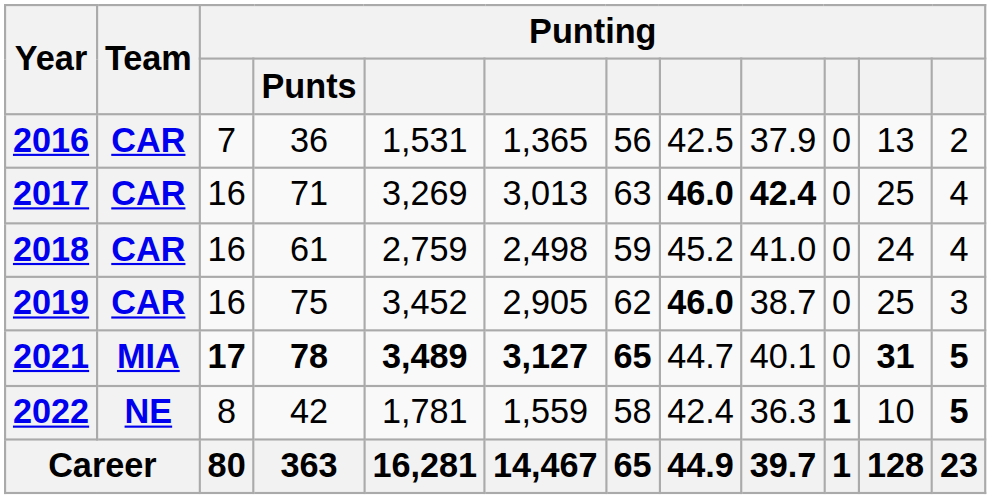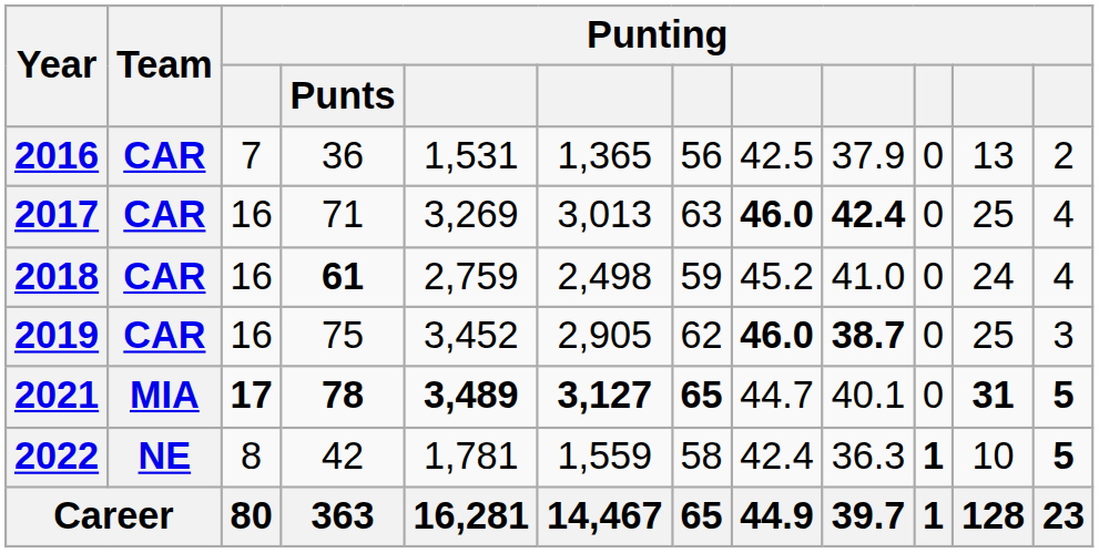 <table class=wikitable style="text-align:center;">
 <tr>
 <th rowspan="2">Year</th>
 <th rowspan="2">Team</th>
 <th colspan="10">Punting</th>
 </tr>
 <tr>
 <th></th>
 <th>Punts</th>
 <th></th>
 <th></th>
 <th></th>
 <th></th>
 <th></th>
 <th></th>
 <th></th>
 <th></th>
 </tr>
 <tr>
 <th><a href='#'>2016</a></th>
 <th><a href='#'>CAR</a></th>
 <td>7</td>
 <td>36</td>
 <td>1,531</td>
 <td>1,365</td>
 <td>56</td>
 <td>42.5</td>
 <td>37.9</td>
 <td>0</td>
 <td>13</td>
 <td>2</td>
 </tr>
 <tr>
 <th><a href='#'>2017</a></th>
 <th><a href='#'>CAR</a></th>
 <td>16</td>
 <td>71</td>
 <td>3,269</td>
 <td>3,013</td>
 <td>63</td>
 <td><strong>46.0</strong></td>
 <td><strong>42.4</strong></td>
 <td>0</td>
 <td>25</td>
 <td>4</td>
 </tr>
 <tr>
 <th><a href='#'>2018</a></th>
 <th><a href='#'>CAR</a></th>
 <td>16</td>
-<td>61</td>
+<td><strong>61</strong></td>
 <td>2,759</td>
 <td>2,498</td>
 <td>59</td>
 <td>45.2</td>
 <td>41.0</td>
 <td>0</td>
 <td>24</td>
 <td>4</td>
 </tr>
 <tr>
 <th><a href='#'>2019</a></th>
 <th><a href='#'>CAR</a></th>
 <td>16</td>
 <td>75</td>
 <td>3,452</td>
 <td>2,905</td>
 <td>62</td>
 <td><strong>46.0</strong></td>
-<td>38.7</td>
+<td><strong>38.7</strong></td>
 <td>0</td>
 <td>25</td>
 <td>3</td>
 </tr>
 <tr>
 <th><a href='#'>2021</a></th>
 <th><a href='#'>MIA</a></th>
 <td><strong>17</strong></td>
 <td><strong>78</strong></td>
 <td><strong>3,489</strong></td>
 <td><strong>3,127</strong></td>
 <td><strong>65</strong></td>
 <td>44.7</td>
 <td>40.1</td>
 <td>0</td>
 <td><strong>31</strong></td>
 <td><strong>5</strong></td>
 </tr>
 <tr>
 <th><a href='#'>2022</a></th>
 <th><a href='#'>NE</a></th>
 <td>8</td>
 <td>42</td>
 <td>1,781</td>
 <td>1,559</td>
 <td>58</td>
 <td>42.4</td>
 <td>36.3</td>
 <td><strong>1</strong></td>
 <td>10</td>
 <td><strong>5</strong></td>
 </tr>
 <tr>
 <th colspan="2">Career</th>
 <th>80</th>
 <th>363</th>
 <th>16,281</th>
 <th>14,467</th>
 <th>65</th>
 <th>44.9</th>
 <th>39.7</th>
 <th>1</th>
 <th>128</th>
 <th>23</th>
 </tr>
 </table>
